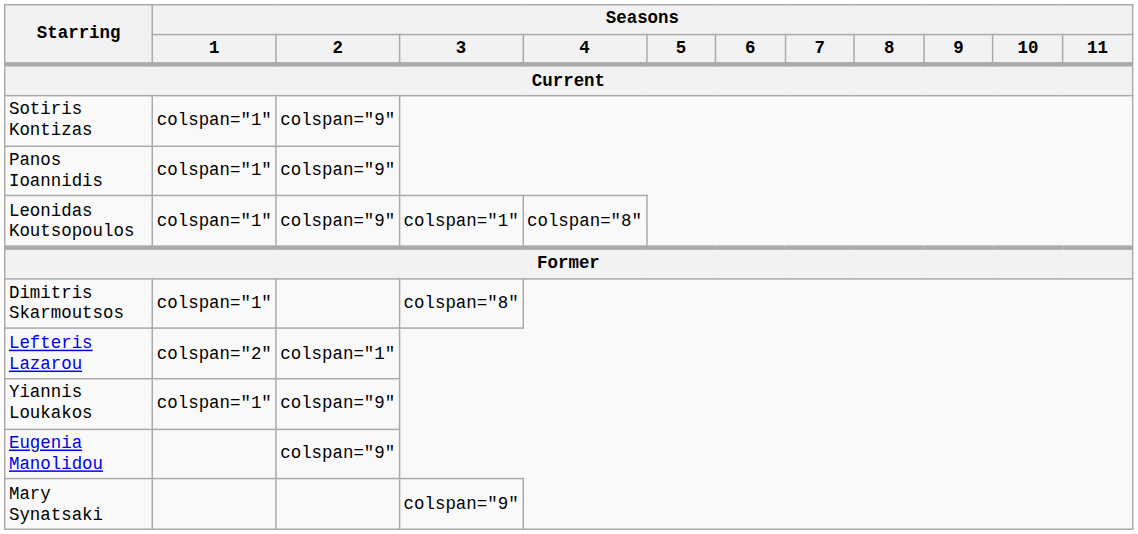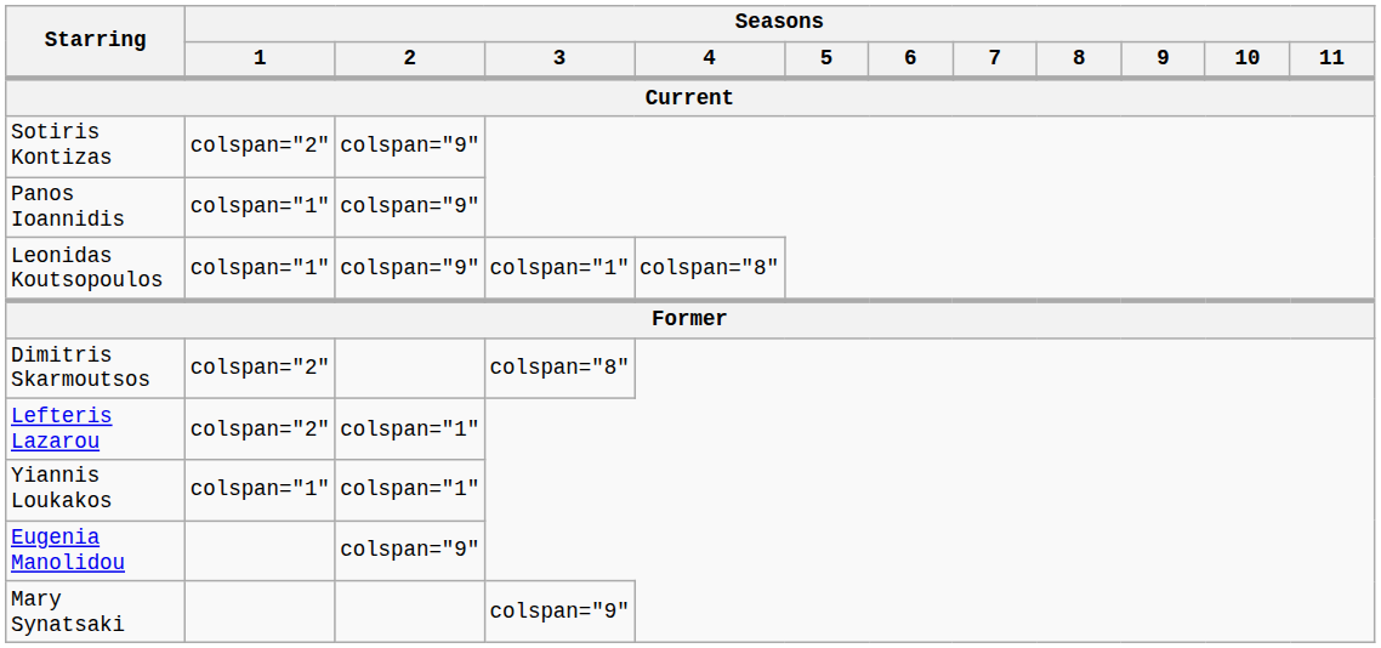 <table class="wikitable plainrowheaders" style="font-size:90%;">
 <tr>
 <th scope="col" style="width:8em;" rowspan="2">Starring</th>
 <th colspan="11" scope="col">Seasons</th>
 </tr>
 <tr>
 <th scope="col" style="width:3.5em;">1</th>
 <th scope="col" style="width:3.5em;">2</th>
 <th scope="col" style="width:3.5em;">3</th>
 <th scope="col" style="width:3.5em;">4</th>
 <th scope="col" style="width:3.5em;">5</th>
 <th scope="col" style="width:3.5em;">6</th>
 <th scope="col" style="width:3.5em;">7</th>
 <th scope="col" style="width:3.5em;">8</th>
 <th scope="col" style="width:3.5em;">9</th>
 <th scope="col" style="width:3.5em;">10</th>
 <th scope="col" style="width:3.5em;">11</th>
 </tr>
 <tr style="border-top:3px solid #aaa;">
 <th colspan="12">Current</th>
 </tr>
 <tr>
 <td scope="row">Sotiris Kontizas</td>
-<td>colspan="1" </td>
+<td>colspan="2" </td>
 <td>colspan="9" </td>
 </tr>
 <tr>
 <td scope="row">Panos Ioannidis</td>
 <td>colspan="1" </td>
 <td>colspan="9" </td>
 </tr>
 <tr>
 <td scope="row">Leonidas Koutsopoulos</td>
 <td>colspan="1" </td>
 <td>colspan="9" </td>
 <td>colspan="1" </td>
 <td>colspan="8" </td>
 </tr>
 <tr style="border-top:3px solid #aaa;">
 <th colspan="12">Former</th>
 </tr>
 <tr>
 <td scope="row">Dimitris Skarmoutsos</td>
-<td>colspan="1" </td>
+<td>colspan="2" </td>
 <td></td>
 <td>colspan="8" </td>
 </tr>
 <tr>
 <td scope="row"><a href='#'>Lefteris Lazarou</a></td>
 <td>colspan="2" </td>
 <td>colspan="1" </td>
 </tr>
 <tr>
 <td scope="row">Yiannis Loukakos</td>
 <td>colspan="1" </td>
-<td>colspan="9" </td>
+<td>colspan="1" </td>
 </tr>
 <tr>
 <td scope="row"><a href='#'>Eugenia Manolidou</a></td>
 <td></td>
 <td>colspan="9" </td>
 </tr>
 <tr>
 <td scope="row">Mary Synatsaki</td>
 <td></td>
 <td></td>
 <td>colspan="9" </td>
 </tr>
 </table>
